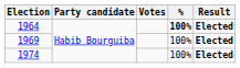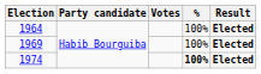 <table class=wikitable style=text-align:center>
 <tr>
 <th>Election</th>
 <th>Party candidate</th>
 <th>Votes</th>
 <th>%</th>
 <th>Result</th>
 </tr>
 <tr>
 <td><a href='#'>1964</a></td>
 <td rowspan=3><a href='#'>Habib Bourguiba</a></td>
 <td></td>
-<td><strong>100%</strong></td>
+<td>100%</td>
 <td><strong>Elected</strong> </td>
 </tr>
 <tr>
 <td><a href='#'>1969</a></td>
 <td></td>
 <td>100%</td>
 <td><strong>Elected</strong> </td>
 </tr>
 <tr>
 <td><a href='#'>1974</a></td>
 <td></td>
-<td>100%</td>
+<td><strong>100%</strong></td>
 <td><strong>Elected</strong> </td>
 </tr>
 </table>
